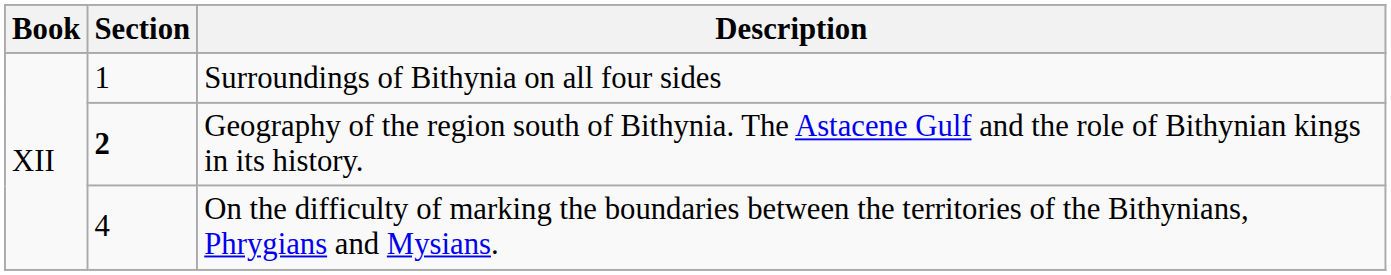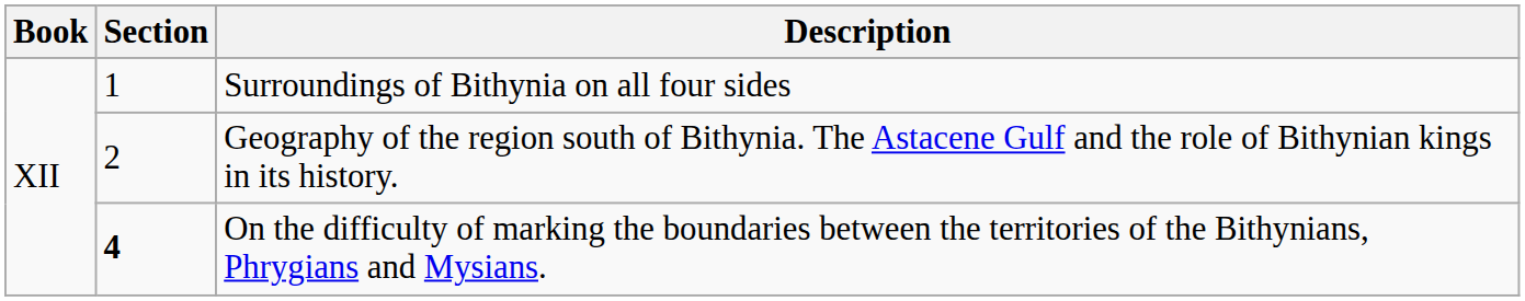 <table class="wikitable" style="max-width:45em;">
 <tr>
 <th>Book</th>
 <th>Section</th>
 <th>Description</th>
 </tr>
 <tr>
 <td rowspan="14">XII</td>
 <td>1</td>
 <td>Surroundings of Bithynia on all four sides</td>
 </tr>
 <tr>
-<td><strong>2</strong></td>
+<td>2</td>
 <td>Geography of the region south of Bithynia. The <a href='#'>Astacene Gulf</a> and the role of Bithynian kings in its history.</td>
 </tr>
 <tr>
-<td>4</td>
+<td><strong>4</strong></td>
 <td>On the difficulty of marking the boundaries between the territories of the Bithynians, <a href='#'>Phrygians</a> and <a href='#'>Mysians</a>.</td>
 </tr>
 </table>
